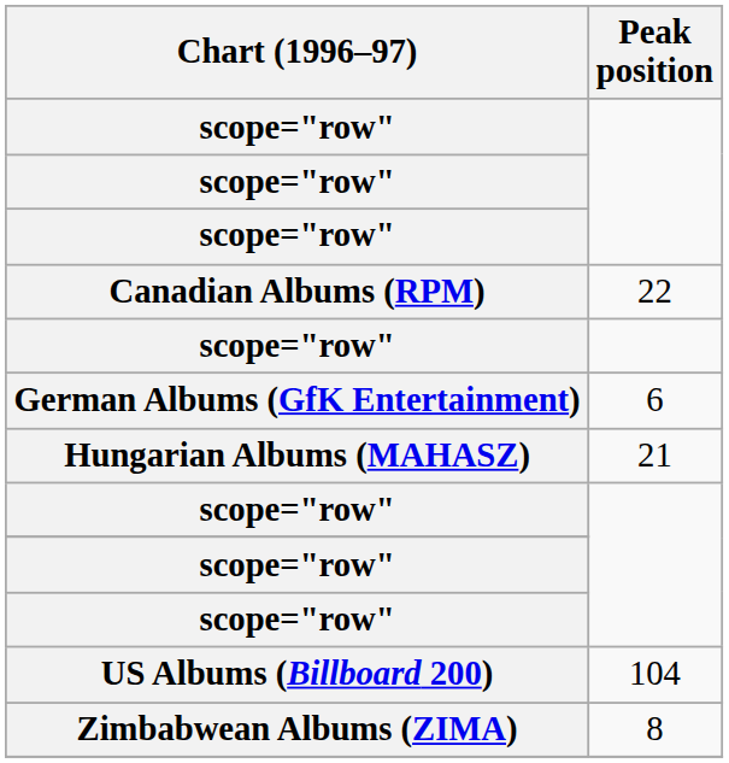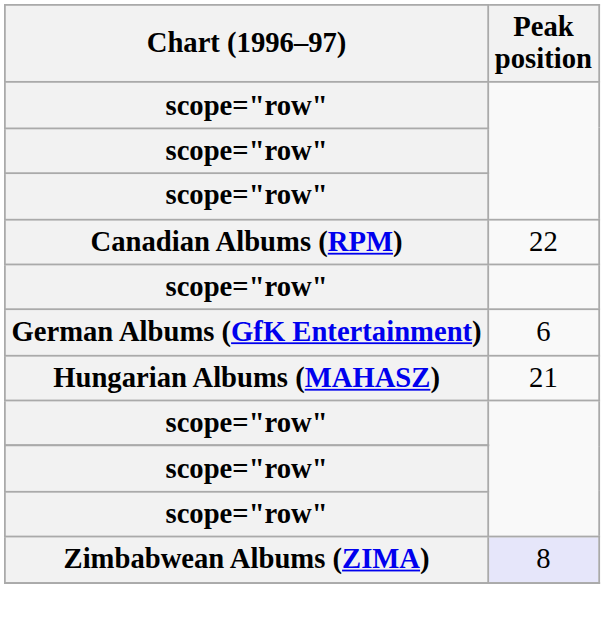 <table class="wikitable sortable plainrowheaders">
 <tr>
 <th>Chart (1996–97)</th>
 <th>Peak<br>position</th>
 </tr>
 <tr>
 <th>scope="row" </th>
 </tr>
 <tr>
 <th>scope="row" </th>
 </tr>
 <tr>
 <th>scope="row" </th>
 </tr>
 <tr>
 <th scope="row">Canadian Albums (<a href='#'>RPM</a>)</th>
 <td style="text-align:center">22</td>
 </tr>
 <tr>
 <th>scope="row" </th>
 </tr>
 <tr>
 <th scope="row">German Albums (<a href='#'>GfK Entertainment</a>)</th>
 <td style="text-align:center">6</td>
 </tr>
 <tr>
 <th scope="row">Hungarian Albums (<a href='#'>MAHASZ</a>)</th>
 <td style="text-align:center;">21</td>
 </tr>
 <tr>
 <th>scope="row" </th>
 </tr>
 <tr>
 </tr>
 <tr>
 <th>scope="row" </th>
 </tr>
 <tr>
 <th>scope="row" </th>
 </tr>
 <tr>
-<th scope="row">US Albums (<a href='#'><em>Billboard</em> 200</a>)</th>
-<td style="text-align:center">104</td>
-</tr>
-<tr>
 <th scope="row">Zimbabwean Albums (<a href='#'>ZIMA</a>)</th>
-<td align="center">8</td>
+<td align="center" style="background: lavender;">8</td>
 </tr>
 <tr>
 </tr>
 </table>
